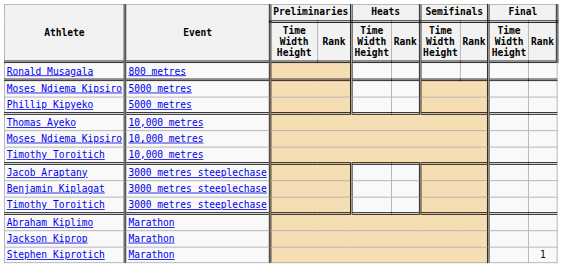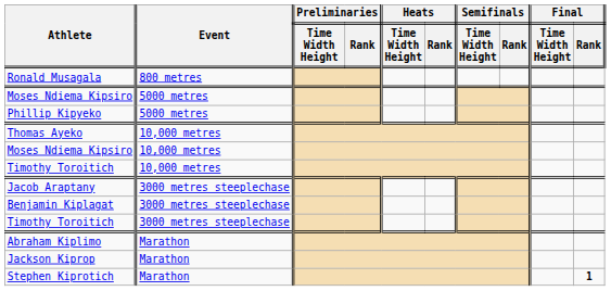 <table class=wikitable style="font-size:90%;">
 <tr>
 <th rowspan="2" style="border-right:double">Athlete</th>
 <th rowspan="2" style="border-right:double">Event</th>
 <th colspan="2" style="border-right:double; border-bottom:double;">Preliminaries</th>
 <th colspan="2" style="border-right:double; border-bottom:double;">Heats</th>
 <th colspan="2" style="border-right:double; border-bottom:double;">Semifinals</th>
 <th colspan="2" style="border-right:double; border-bottom:double;">Final</th>
 </tr>
 <tr>
 <th>Time<br>Width<br>Height</th>
 <th style="border-right:double">Rank</th>
 <th>Time<br>Width<br>Height</th>
 <th style="border-right:double">Rank</th>
 <th>Time<br>Width<br>Height</th>
 <th style="border-right:double">Rank</th>
 <th>Time<br>Width<br>Height</th>
 <th style="border-right:double">Rank</th>
 </tr>
 <tr style="border-top: double;">
 <td style="border-right:double"><a href='#'>Ronald Musagala</a></td>
 <td style="border-right:double"><a href='#'>800 metres</a></td>
 <td style="border-right:double" colspan= 2 bgcolor="wheat"></td>
 <td align=center></td>
 <td align=center style="border-right:double"></td>
 <td align=center></td>
 <td align=center style="border-right:double"></td>
 <td align=center></td>
 <td align=center></td>
 </tr>
 <tr style="border-top: double;">
 <td style="border-right:double"><a href='#'>Moses Ndiema Kipsiro</a></td>
 <td style="border-right:double"><a href='#'>5000 metres</a></td>
 <td style="border-right:double" colspan= 2 bgcolor="wheat"></td>
 <td align=center></td>
 <td align=center style="border-right:double"></td>
 <td style="border-right:double" colspan= 2 bgcolor="wheat"></td>
 <td align=center></td>
 <td align=center></td>
 </tr>
 <tr>
 <td style="border-right:double"><a href='#'>Phillip Kipyeko</a></td>
 <td style="border-right:double"><a href='#'>5000 metres</a></td>
 <td style="border-right:double" colspan= 2 bgcolor="wheat"></td>
 <td align=center></td>
 <td align=center style="border-right:double"></td>
 <td style="border-right:double" colspan= 2 bgcolor="wheat"></td>
 <td align=center></td>
 <td align=center></td>
 </tr>
 <tr style="border-top: double;">
 <td style="border-right:double"><a href='#'>Thomas Ayeko</a></td>
 <td style="border-right:double"><a href='#'>10,000 metres</a></td>
 <td style="border-right:double" colspan= 6 bgcolor="wheat"></td>
 <td align=center></td>
 <td align=center></td>
 </tr>
 <tr>
 <td style="border-right:double"><a href='#'>Moses Ndiema Kipsiro</a></td>
 <td style="border-right:double"><a href='#'>10,000 metres</a></td>
 <td style="border-right:double" colspan= 6 bgcolor="wheat"></td>
 <td align=center></td>
 <td align=center></td>
 </tr>
 <tr>
 <td style="border-right:double"><a href='#'>Timothy Toroitich</a></td>
 <td style="border-right:double"><a href='#'>10,000 metres</a></td>
 <td style="border-right:double" colspan= 6 bgcolor="wheat"></td>
 <td align=center></td>
 <td align=center></td>
 </tr>
 <tr style="border-top: double;">
 <td style="border-right:double"><a href='#'>Jacob Araptany</a></td>
 <td style="border-right:double"><a href='#'>3000 metres steeplechase</a></td>
 <td style="border-right:double" colspan= 2 bgcolor="wheat"></td>
 <td align=center></td>
 <td align=center style="border-right:double"></td>
 <td style="border-right:double" colspan= 2 bgcolor="wheat"></td>
 <td align=center></td>
 <td align=center></td>
 </tr>
 <tr>
 <td style="border-right:double"><a href='#'>Benjamin Kiplagat</a></td>
 <td style="border-right:double"><a href='#'>3000 metres steeplechase</a></td>
 <td style="border-right:double" colspan= 2 bgcolor="wheat"></td>
 <td align=center></td>
 <td align=center style="border-right:double"></td>
 <td style="border-right:double" colspan= 2 bgcolor="wheat"></td>
 <td align=center></td>
 <td align=center></td>
 </tr>
 <tr>
 <td style="border-right:double"><a href='#'>Timothy Toroitich</a></td>
 <td style="border-right:double"><a href='#'>3000 metres steeplechase</a></td>
 <td style="border-right:double" colspan= 2 bgcolor="wheat"></td>
 <td align=center></td>
 <td align=center style="border-right:double"></td>
 <td style="border-right:double" colspan= 2 bgcolor="wheat"></td>
 <td align=center></td>
 <td align=center></td>
 </tr>
 <tr style="border-top: double;">
 <td style="border-right:double"><a href='#'>Abraham Kiplimo</a></td>
 <td style="border-right:double"><a href='#'>Marathon</a></td>
 <td style="border-right:double" colspan= 6 bgcolor="wheat"></td>
 <td align=center></td>
 <td align=center></td>
 </tr>
 <tr>
 <td style="border-right:double"><a href='#'>Jackson Kiprop</a></td>
 <td style="border-right:double"><a href='#'>Marathon</a></td>
 <td style="border-right:double" colspan= 6 bgcolor="wheat"></td>
 <td align=center></td>
 <td align=center></td>
 </tr>
 <tr>
 <td style="border-right:double"><a href='#'>Stephen Kiprotich</a></td>
 <td style="border-right:double"><a href='#'>Marathon</a></td>
 <td style="border-right:double" colspan= 6 bgcolor="wheat"></td>
 <td align=center></td>
-<td align=center>1</td>
+<td align=center><strong>1</strong></td>
 </tr>
 </table>
